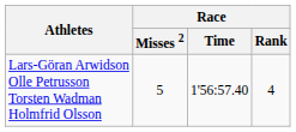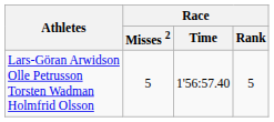 <table class="wikitable" border="1" style="font-size:90%">
 <tr>
 <th rowspan=2>Athletes</th>
 <th colspan=3>Race</th>
 </tr>
 <tr>
 <th>Misses <sup>2</sup></th>
 <th>Time</th>
 <th>Rank</th>
 </tr>
 <tr>
 <td><a href='#'>Lars-Göran Arwidson</a><br><a href='#'>Olle Petrusson</a><br><a href='#'>Torsten Wadman</a><br><a href='#'>Holmfrid Olsson</a></td>
 <td align=center>5</td>
 <td align=center>1'56:57.40</td>
-<td align=center>4</td>
+<td align=center>5</td>
 </tr>
 </table>
